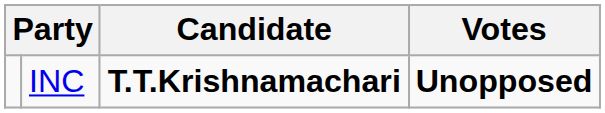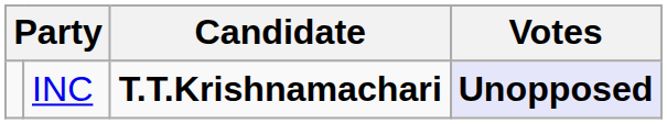 <table class="wikitable">
 <tr>
 <th colspan="2">Party</th>
 <th>Candidate</th>
 <th>Votes</th>
 </tr>
 <tr>
 <td></td>
 <td><a href='#'>INC</a></td>
 <td><strong>T.T.Krishnamachari</strong></td>
-<td><strong>Unopposed</strong></td>
+<td style="background: lavender;"><strong>Unopposed</strong></td>
 </tr>
 </table>
